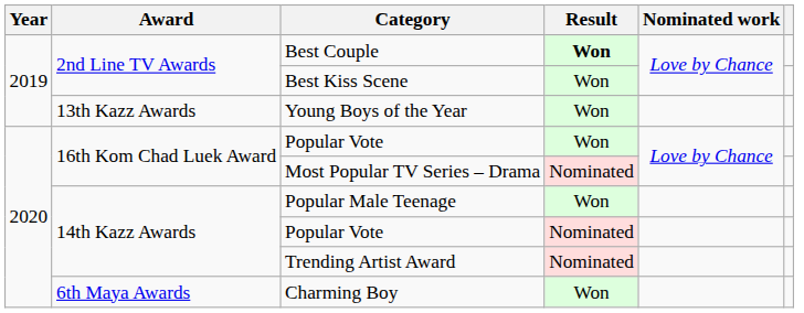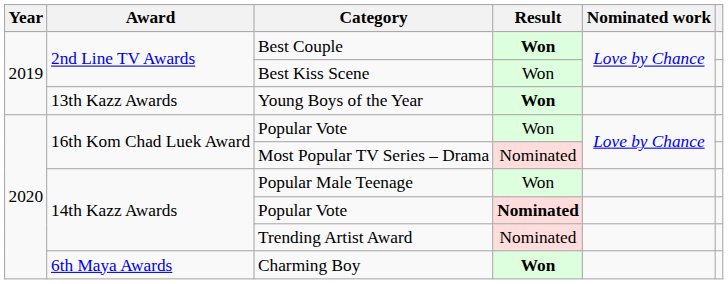 <table class="wikitable plainrowheaders sortable">
 <tr>
 <th scope="col">Year</th>
 <th scope="col">Award</th>
 <th scope="col">Category</th>
 <th scope="col">Result</th>
 <th scope="col">Nominated work</th>
 <th scope="col" class="unsortable"></th>
 </tr>
 <tr>
 <td rowspan="3">2019</td>
 <td rowspan="2"><a href='#'>2nd Line TV Awards</a></td>
 <td>Best Couple </td>
 <td style="text-align: center; background: #ddffdd"><strong>Won</strong></td>
 <td rowspan="2" style="text-align: center;"><a href='#'><em>Love by Chance</em></a></td>
 <td></td>
 </tr>
 <tr>
 <td>Best Kiss Scene </td>
 <td style="text-align: center; background: #ddffdd">Won</td>
 <td></td>
 </tr>
 <tr>
 <td>13th Kazz Awards</td>
 <td>Young Boys of the Year</td>
-<td style="text-align: center; background: #ddffdd">Won</td>
+<td style="text-align: center; background: #ddffdd"><strong>Won</strong></td>
 <td></td>
 <td></td>
 </tr>
 <tr>
 <td rowspan="6">2020</td>
 <td rowspan="2">16th Kom Chad Luek Award</td>
 <td>Popular Vote</td>
 <td style="text-align: center; background: #ddffdd">Won</td>
 <td rowspan="2" style="text-align: center;"><a href='#'><em>Love by Chance</em></a></td>
 <td></td>
 </tr>
 <tr>
 <td>Most Popular TV Series – Drama</td>
 <td style="text-align: center; background: #ffdddd">Nominated</td>
 <td></td>
 </tr>
 <tr>
 <td rowspan="3">14th Kazz Awards</td>
 <td>Popular Male Teenage</td>
 <td style="text-align: center; background: #ddffdd">Won</td>
 <td></td>
 <td></td>
 </tr>
 <tr>
 <td>Popular Vote</td>
-<td style="text-align: center; background: #ffdddd">Nominated</td>
+<td style="text-align: center; background: #ffdddd"><strong>Nominated</strong></td>
 <td></td>
 <td></td>
 </tr>
 <tr>
 <td>Trending Artist Award  </td>
 <td style="text-align: center; background: #ffdddd">Nominated</td>
 <td></td>
 <td></td>
 </tr>
 <tr>
 <td><a href='#'>6th Maya Awards</a></td>
 <td>Charming Boy</td>
-<td style="text-align: center; background: #ddffdd">Won</td>
+<td style="text-align: center; background: #ddffdd"><strong>Won</strong></td>
 <td></td>
 <td></td>
 </tr>
 </table>
